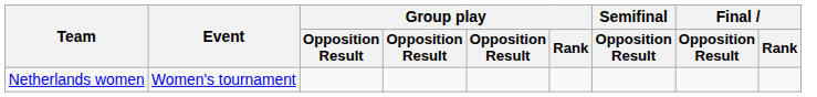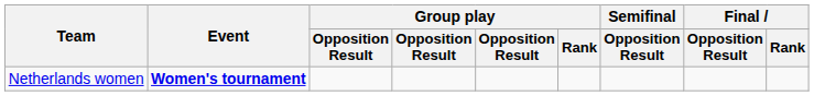 <table class=wikitable style=font-size:90%;text-align:center>
 <tr>
 <th rowspan=2>Team</th>
 <th rowspan=2>Event</th>
 <th colspan=4>Group play</th>
 <th>Semifinal</th>
 <th colspan=2>Final / </th>
 </tr>
 <tr style=font-size:95%>
 <th>Opposition<br>Result</th>
 <th>Opposition<br>Result</th>
 <th>Opposition<br>Result</th>
 <th>Rank</th>
 <th>Opposition<br>Result</th>
 <th>Opposition<br>Result</th>
 <th>Rank</th>
 </tr>
 <tr>
 <td align=left><a href='#'>Netherlands women</a></td>
-<td align=left><a href='#'>Women's tournament</a></td>
+<td align=left><strong><a href='#'>Women's tournament</a></strong></td>
 <td></td>
 <td></td>
 <td></td>
 <td></td>
 <td></td>
 <td></td>
 <td></td>
 </tr>
 </table>
